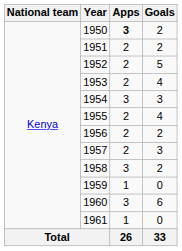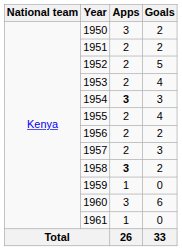 <table class=wikitable style=text-align:center>
 <tr>
 <th>National team</th>
 <th>Year</th>
 <th>Apps</th>
 <th>Goals</th>
 </tr>
 <tr>
 <td rowspan="12"><a href='#'>Kenya</a></td>
 <td>1950</td>
-<td><strong>3</strong></td>
+<td>3</td>
 <td>2</td>
 </tr>
 <tr>
 <td>1951</td>
 <td>2</td>
 <td>2</td>
 </tr>
 <tr>
 <td>1952</td>
 <td>2</td>
 <td>5</td>
 </tr>
 <tr>
 <td>1953</td>
 <td>2</td>
 <td>4</td>
 </tr>
 <tr>
 <td>1954</td>
-<td>3</td>
+<td><strong>3</strong></td>
 <td>3</td>
 </tr>
 <tr>
 <td>1955</td>
 <td>2</td>
 <td>4</td>
 </tr>
 <tr>
 <td>1956</td>
 <td>2</td>
 <td>2</td>
 </tr>
 <tr>
 <td>1957</td>
 <td>2</td>
 <td>3</td>
 </tr>
 <tr>
 <td>1958</td>
-<td>3</td>
+<td><strong>3</strong></td>
 <td>2</td>
 </tr>
 <tr>
 <td>1959</td>
 <td>1</td>
 <td>0</td>
 </tr>
 <tr>
 <td>1960</td>
 <td>3</td>
 <td>6</td>
 </tr>
 <tr>
 <td>1961</td>
 <td>1</td>
 <td>0</td>
 </tr>
 <tr>
 <th colspan="2">Total</th>
 <th>26</th>
 <th>33</th>
 </tr>
 </table>
